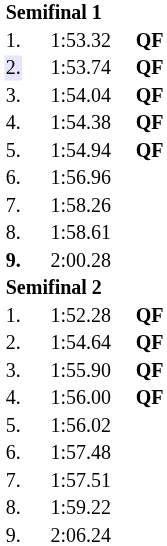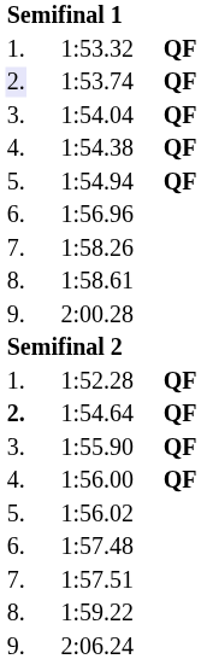 <table style="text-align:center">
 <tr>
 <td colspan=4 align=left><strong>Semifinal 1</strong></td>
 </tr>
 <tr>
 <td width-30>1.</td>
 <td align=left></td>
 <td width=80>1:53.32</td>
 <td><strong>QF</strong></td>
 </tr>
 <tr>
 <td style="background: lavender;">2.</td>
 <td align=left></td>
 <td>1:53.74</td>
 <td><strong>QF</strong></td>
 </tr>
 <tr>
 <td>3.</td>
 <td align=left></td>
 <td>1:54.04</td>
 <td><strong>QF</strong></td>
 </tr>
 <tr>
 <td>4.</td>
 <td align=left></td>
 <td>1:54.38</td>
 <td><strong>QF</strong></td>
 </tr>
 <tr>
 <td>5.</td>
 <td align=left></td>
 <td>1:54.94</td>
 <td><strong>QF</strong></td>
 </tr>
 <tr>
 <td>6.</td>
 <td align=left></td>
 <td>1:56.96</td>
 <td></td>
 </tr>
 <tr>
 <td>7.</td>
 <td align=left></td>
 <td>1:58.26</td>
 <td></td>
 </tr>
 <tr>
 <td>8.</td>
 <td align=left></td>
 <td>1:58.61</td>
 <td></td>
 </tr>
 <tr>
-<td><strong>9.</strong></td>
+<td>9.</td>
 <td align=left></td>
 <td>2:00.28</td>
 <td></td>
 </tr>
 <tr>
 <td colspan=4 align=left><strong>Semifinal 2</strong></td>
 </tr>
 <tr>
 <td width-30>1.</td>
 <td align=left></td>
 <td width=80>1:52.28</td>
 <td><strong>QF</strong></td>
 </tr>
 <tr>
-<td>2.</td>
+<td><strong>2.</strong></td>
 <td align=left></td>
 <td>1:54.64</td>
 <td><strong>QF</strong></td>
 </tr>
 <tr>
 <td>3.</td>
 <td align=left></td>
 <td>1:55.90</td>
 <td><strong>QF</strong></td>
 </tr>
 <tr>
 <td>4.</td>
 <td align=left></td>
 <td>1:56.00</td>
 <td><strong>QF</strong></td>
 </tr>
 <tr>
 <td>5.</td>
 <td align=left></td>
 <td>1:56.02</td>
 <td></td>
 </tr>
 <tr>
 <td>6.</td>
 <td align=left></td>
 <td>1:57.48</td>
 <td></td>
 </tr>
 <tr>
 <td>7.</td>
 <td align=left></td>
 <td>1:57.51</td>
 <td></td>
 </tr>
 <tr>
 <td>8.</td>
 <td align=left></td>
 <td>1:59.22</td>
 <td></td>
 </tr>
 <tr>
 <td>9.</td>
 <td align=left></td>
 <td>2:06.24</td>
 <td></td>
 </tr>
 </table>
